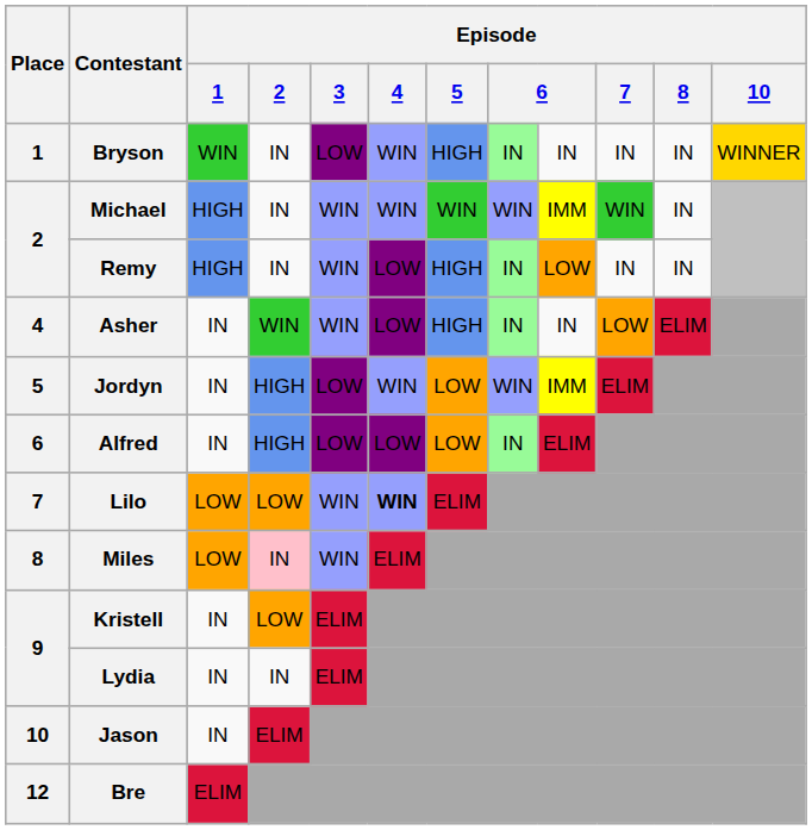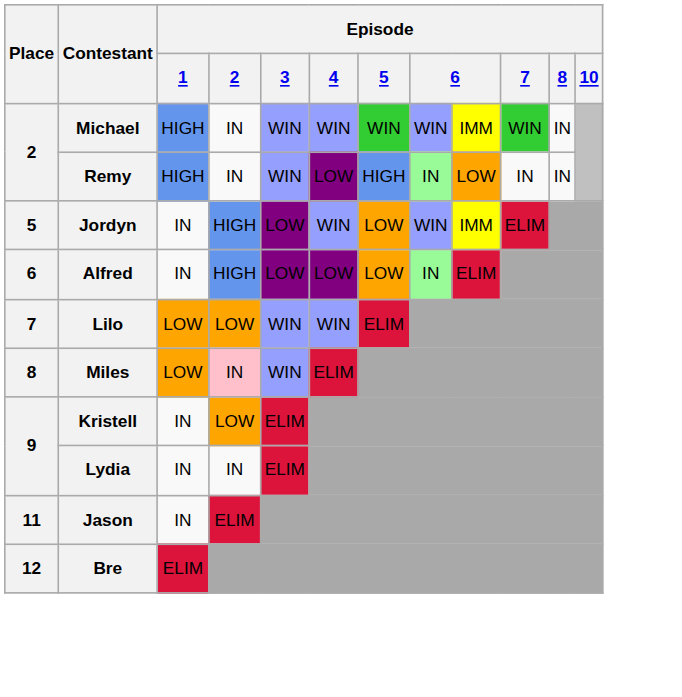 <table class="wikitable" style="text-align: center; font-size: 8pt; line-height:25px;">
 <tr>
 <th rowspan="2">Place</th>
 <th rowspan="2">Contestant</th>
 <th colspan="10">Episode</th>
 </tr>
 <tr>
 <th><a href='#'>1</a></th>
 <th><a href='#'>2</a></th>
 <th><a href='#'>3</a></th>
 <th><a href='#'>4</a></th>
 <th><a href='#'>5</a></th>
 <th colspan="2"><a href='#'>6</a></th>
 <th><a href='#'>7</a></th>
 <th><a href='#'>8</a></th>
 <th><a href='#'>10</a></th>
-</tr>
-<tr>
-<th>1</th>
-<th>Bryson</th>
-<td style="background:limegreen;">WIN</td>
-<td>IN</td>
-<td style="background:purple;">LOW</td>
-<td style="background:#959FFD;">WIN</td>
-<td style="background:cornflowerblue;">HIGH</td>
-<td style="background:palegreen;">IN</td>
-<td>IN</td>
-<td>IN</td>
-<td>IN</td>
-<td style="background:gold;">WINNER</td>
 </tr>
 <tr>
 <th rowspan="2">2</th>
 <th>Michael</th>
 <td style="background:cornflowerblue;">HIGH</td>
 <td>IN</td>
 <td style="background:#959FFD;">WIN</td>
 <td style="background:#959FFD;">WIN</td>
 <td style="background:limegreen;">WIN</td>
 <td style="background:#959FFD;">WIN</td>
 <td style="background:yellow;">IMM</td>
 <td style="background:limegreen;">WIN</td>
 <td>IN</td>
 <td style="background:silver;" rowspan="2"></td>
 </tr>
 <tr>
 <th>Remy</th>
 <td style="background:cornflowerblue;">HIGH</td>
 <td>IN</td>
 <td style="background:#959FFD;">WIN</td>
 <td style="background:purple;">LOW</td>
 <td style="background:cornflowerblue;">HIGH</td>
 <td style="background:palegreen;">IN</td>
 <td style="background:orange;">LOW</td>
 <td>IN</td>
 <td>IN</td>
-</tr>
-<tr>
-<th>4</th>
-<th>Asher</th>
-<td>IN</td>
-<td style="background:limegreen;">WIN</td>
-<td style="background:#959FFD;">WIN</td>
-<td style="background:purple;">LOW</td>
-<td style="background:cornflowerblue;">HIGH</td>
-<td style="background:palegreen;">IN</td>
-<td>IN</td>
-<td style="background:orange;">LOW</td>
-<td style="background:crimson;:">ELIM</td>
-<td style="background:darkgrey;"></td>
 </tr>
 <tr>
 <th>5</th>
 <th>Jordyn</th>
 <td>IN</td>
 <td style="background:cornflowerblue;">HIGH</td>
 <td style="background:purple;">LOW</td>
 <td style="background:#959FFD;">WIN</td>
 <td style="background:orange;">LOW</td>
 <td style="background:#959FFD;">WIN</td>
 <td style="background:yellow;">IMM</td>
 <td style="background:crimson;:">ELIM</td>
 <td style="background:darkgrey;" colspan="2"></td>
 </tr>
 <tr>
 <th>6</th>
 <th>Alfred</th>
 <td>IN</td>
 <td style="background:cornflowerblue;">HIGH</td>
 <td style="background:purple;">LOW</td>
 <td style="background:purple;">LOW</td>
 <td style="background:orange;">LOW</td>
 <td style="background:palegreen;">IN</td>
 <td style="background:crimson;:">ELIM</td>
 <td style="background:darkgrey;" colspan="3"></td>
 </tr>
 <tr>
 <th>7</th>
 <th>Lilo</th>
 <td style="background:orange;">LOW</td>
 <td style="background:orange;">LOW</td>
 <td style="background:#959FFD;">WIN</td>
-<td style="background:#959FFD;"><strong>WIN</strong></td>
+<td style="background:#959FFD;">WIN</td>
 <td style="background:crimson;:">ELIM</td>
 <td style="background:darkgrey;" colspan="5"></td>
 </tr>
 <tr>
 <th>8</th>
 <th>Miles</th>
 <td style="background:orange;">LOW</td>
 <td style="background: pink;">IN</td>
 <td style="background:#959FFD;">WIN</td>
 <td style="background:crimson;:">ELIM</td>
 <td style="background:darkgrey;" colspan="6"></td>
 </tr>
 <tr>
 <th rowspan="2">9</th>
 <th>Kristell</th>
 <td>IN</td>
 <td style="background:orange;">LOW</td>
 <td style="background:crimson;:">ELIM</td>
 <td style="background:darkgrey;" colspan="7"></td>
 </tr>
 <tr>
 <th>Lydia</th>
 <td>IN</td>
 <td>IN</td>
 <td style="background:crimson;:">ELIM</td>
 <td style="background:darkgrey;" colspan="7"></td>
 </tr>
 <tr>
-<th>10</th>
+<th>11</th>
 <th>Jason</th>
 <td>IN</td>
 <td style="background:crimson;:">ELIM</td>
 <td style="background:darkgrey;" colspan="8"></td>
 </tr>
 <tr>
 <th>12</th>
 <th>Bre</th>
 <td style="background:crimson;:">ELIM</td>
 <td style="background:darkgrey;" colspan="9"></td>
 </tr>
 </table>
